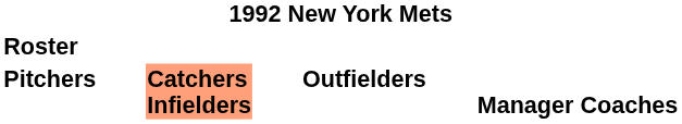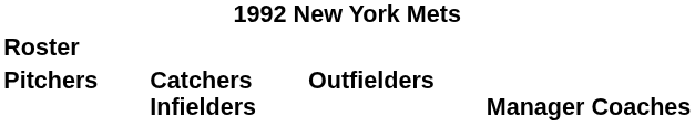 <table class="toccolours" style="font-size: 95%;">
 <tr>
 <th colspan="10">1992 New York Mets</th>
 </tr>
 <tr>
 <td colspan="10"><strong>Roster</strong></td>
 </tr>
 <tr>
 <td valign="top"><strong>Pitchers</strong><br>                 </td>
 <td width="25px"></td>
-<td valign="top" style="background: lightsalmon;"><strong>Catchers</strong><br>   <strong>Infielders</strong>             </td>
+<td valign="top"><strong>Catchers</strong><br>   <strong>Infielders</strong>             </td>
 <td width="25px"></td>
 <td valign="top"><strong>Outfielders</strong><br>         </td>
 <td width="25px"></td>
 <td valign="top"><br><strong>Manager</strong>  <strong>Coaches</strong>     </td>
 </tr>
 </table>
